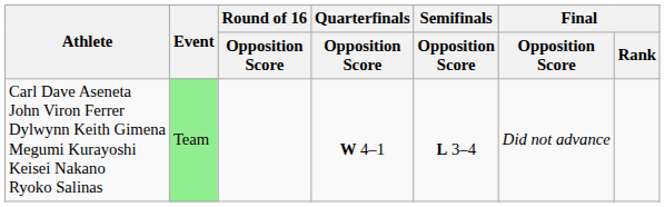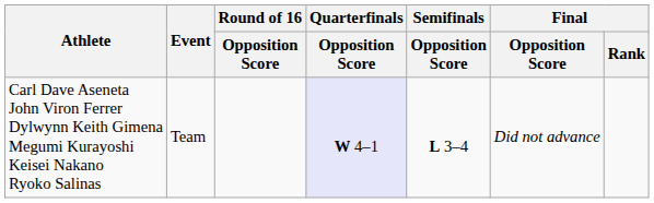 <table class="wikitable" style="font-size:90%">
 <tr>
 <th rowspan=2>Athlete</th>
 <th rowspan=2>Event</th>
 <th>Round of 16</th>
 <th>Quarterfinals</th>
 <th>Semifinals</th>
 <th colspan=2>Final</th>
 </tr>
 <tr style="font-size:95">
 <th>Opposition<br>Score</th>
 <th>Opposition<br>Score</th>
 <th>Opposition<br>Score</th>
 <th>Opposition<br>Score</th>
 <th>Rank</th>
 </tr>
 <tr align=center>
 <td align=left>Carl Dave Aseneta<br>John Viron Ferrer<br>Dylwynn Keith Gimena<br>Megumi Kurayoshi<br>Keisei Nakano<br>Ryoko Salinas</td>
-<td align=left style="background: lightgreen;">Team</td>
+<td align=left>Team</td>
 <td></td>
-<td><br><strong>W</strong> 4–1</td>
+<td style="background: lavender;"><br><strong>W</strong> 4–1</td>
 <td><br><strong>L</strong> 3–4</td>
 <td><em>Did not advance</em></td>
 <td></td>
 </tr>
 </table>
